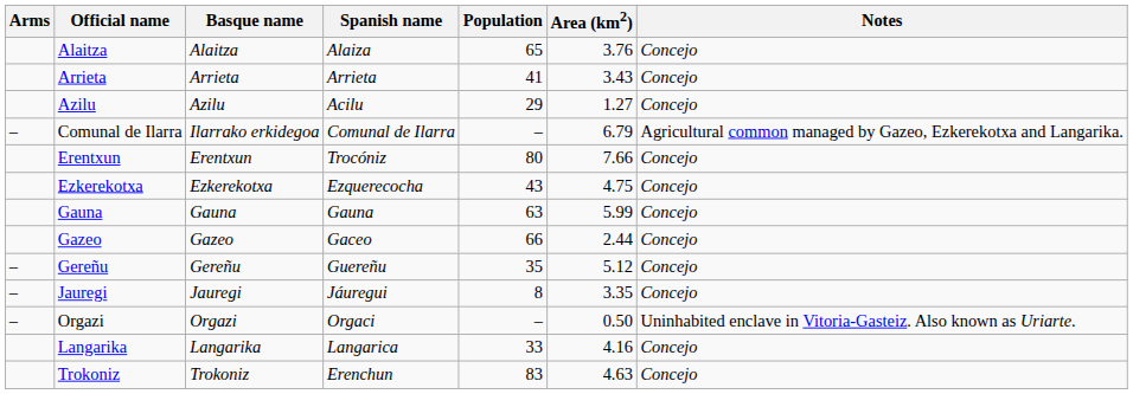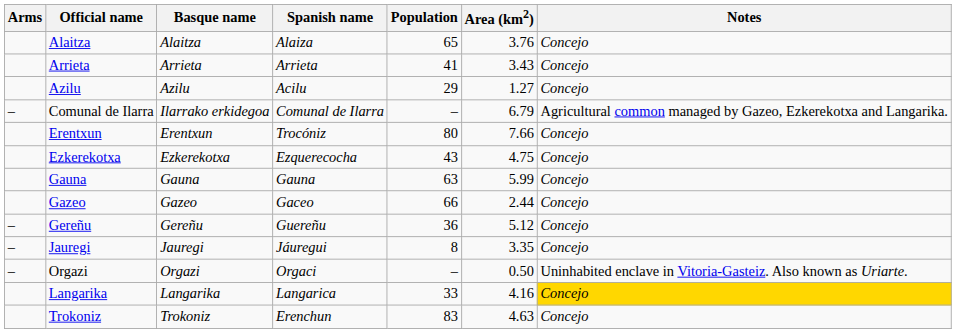 <table class="wikitable sortable">
 <tr>
 <th class="unsortable">Arms</th>
 <th>Official name</th>
 <th>Basque name</th>
 <th>Spanish name</th>
 <th>Population </th>
 <th>Area (km<sup>2</sup>)</th>
 <th class="unsortable">Notes</th>
 </tr>
 <tr>
 <td align="center"></td>
 <td><a href='#'>Alaitza</a></td>
 <td><em>Alaitza</em></td>
 <td><em>Alaiza</em></td>
 <td align="right">65</td>
 <td align="right">3.76</td>
 <td><em>Concejo</em></td>
 </tr>
 <tr>
 <td align="center"></td>
 <td><a href='#'>Arrieta</a></td>
 <td><em>Arrieta</em></td>
 <td><em>Arrieta</em></td>
 <td align="right">41</td>
 <td align="right">3.43</td>
 <td><em>Concejo</em></td>
 </tr>
 <tr>
 <td align="center"></td>
 <td><a href='#'>Azilu</a></td>
 <td><em>Azilu</em></td>
 <td><em>Acilu</em></td>
 <td align="right">29</td>
 <td align="right">1.27</td>
 <td><em>Concejo</em></td>
 </tr>
 <tr>
 <td>–</td>
 <td>Comunal de Ilarra</td>
 <td><em>Ilarrako erkidegoa</em></td>
 <td><em>Comunal de Ilarra</em></td>
 <td align="right">–</td>
 <td align="right">6.79</td>
 <td>Agricultural <a href='#'>common</a> managed by Gazeo, Ezkerekotxa and Langarika.</td>
 </tr>
 <tr>
 <td></td>
 <td><a href='#'>Erentxun</a></td>
 <td><em>Erentxun</em></td>
 <td><em>Trocóniz</em></td>
 <td align="right">80</td>
 <td align="right">7.66</td>
 <td><em>Concejo</em></td>
 </tr>
 <tr>
 <td></td>
 <td><a href='#'>Ezkerekotxa</a></td>
 <td><em>Ezkerekotxa</em></td>
 <td><em>Ezquerecocha</em></td>
 <td align="right">43</td>
 <td align="right">4.75</td>
 <td><em>Concejo</em></td>
 </tr>
 <tr>
 <td></td>
 <td><a href='#'>Gauna</a></td>
 <td><em>Gauna</em></td>
 <td><em>Gauna</em></td>
 <td align="right">63</td>
 <td align="right">5.99</td>
 <td><em>Concejo</em></td>
 </tr>
 <tr>
 <td></td>
 <td><a href='#'>Gazeo</a></td>
 <td><em>Gazeo</em></td>
 <td><em>Gaceo</em></td>
 <td align="right">66</td>
 <td align="right">2.44</td>
 <td><em>Concejo</em></td>
 </tr>
 <tr>
 <td>–</td>
 <td><a href='#'>Gereñu</a></td>
 <td><em>Gereñu</em></td>
 <td><em>Guereñu</em></td>
-<td align="right">35</td>
+<td align="right">36</td>
 <td align="right">5.12</td>
 <td><em>Concejo</em></td>
 </tr>
 <tr>
 <td>–</td>
 <td><a href='#'>Jauregi</a></td>
 <td><em>Jauregi</em></td>
 <td><em>Jáuregui</em></td>
 <td align="right">8</td>
 <td align="right">3.35</td>
 <td><em>Concejo</em></td>
 </tr>
 <tr>
 <td>–</td>
 <td>Orgazi</td>
 <td><em>Orgazi</em></td>
 <td><em>Orgaci</em></td>
 <td align="right">–</td>
 <td align="right">0.50</td>
 <td>Uninhabited enclave in <a href='#'>Vitoria-Gasteiz</a>. Also known as <em>Uriarte</em>.</td>
 </tr>
 <tr>
 <td></td>
 <td><a href='#'>Langarika</a></td>
 <td><em>Langarika</em></td>
 <td><em>Langarica</em></td>
 <td align="right">33</td>
 <td align="right">4.16</td>
-<td><em>Concejo</em></td>
+<td style="background: gold;"><em>Concejo</em></td>
 </tr>
 <tr>
 <td></td>
 <td><a href='#'>Trokoniz</a></td>
 <td><em>Trokoniz</em></td>
 <td><em>Erenchun</em></td>
 <td align="right">83</td>
 <td align="right">4.63</td>
 <td><em>Concejo</em></td>
 </tr>
 </table>
